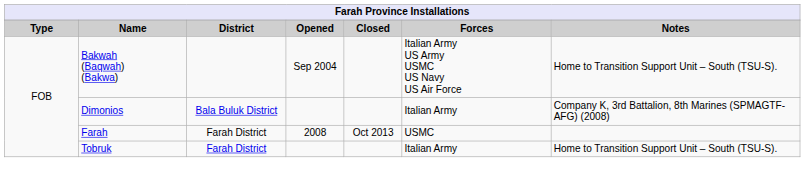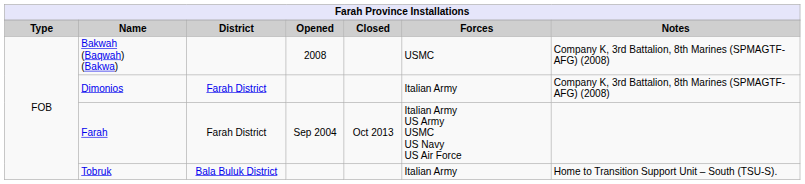 <table class="wikitable sortable" width="100%">
 <tr>
 <th style="align: center; background: lavender" colspan="7"><strong>Farah Province Installations</strong></th>
 </tr>
 <tr style="background:#efefef; color:black">
 </tr>
 <tr>
 <th style="background-color:#cfcfcf;" align="center" width="9%" align="center">Type</th>
 <th style="background-color:#cfcfcf;" align="center" width="13%">Name</th>
 <th style="background-color:#cfcfcf;" align="center" width="12%">District</th>
 <th style="background-color:#cfcfcf;" align="center" width="7%">Opened</th>
 <th style="background-color:#cfcfcf;" align="center" width="7%">Closed</th>
 <th style="background-color:#cfcfcf;" align="center" width="18%" class="unsortable">Forces</th>
 <th style="background-color:#cfcfcf;" align="center" width="30%" class="unsortable">Notes</th>
 </tr>
 <tr>
 <td rowspan="4" align="center">FOB</td>
 <td><a href='#'>Bakwah</a><br>(<a href='#'>Baqwah</a>)<br>(<a href='#'>Bakwa</a>)</td>
 <td align="center"></td>
-<td align="center">Sep 2004</td>
+<td align="center">2008</td>
 <td align="center"></td>
-<td> Italian Army<br> US Army<br> USMC<br> US Navy<br> US Air Force</td>
-<td>Home to Transition Support Unit – South (TSU-S).</td>
+<td> USMC</td>
+<td>Company K, 3rd Battalion, 8th Marines (SPMAGTF-AFG) (2008)</td>
 </tr>
 <tr>
 <td><a href='#'>Dimonios</a></td>
-<td align="center"><a href='#'>Bala Buluk District</a></td>
+<td align="center"><a href='#'>Farah District</a></td>
 <td align="center"></td>
 <td align="center"></td>
 <td> Italian Army</td>
 <td>Company K, 3rd Battalion, 8th Marines (SPMAGTF-AFG) (2008)</td>
 </tr>
 <tr>
 <td><a href='#'>Farah</a></td>
 <td align="center">Farah District</td>
-<td align="center">2008</td>
+<td align="center">Sep 2004</td>
 <td align="center">Oct 2013</td>
-<td> USMC</td>
+<td> Italian Army<br> US Army<br> USMC<br> US Navy<br> US Air Force</td>
 <td></td>
 </tr>
 <tr>
 <td><a href='#'>Tobruk</a></td>
-<td align="center"><a href='#'>Farah District</a></td>
+<td align="center"><a href='#'>Bala Buluk District</a></td>
 <td align="center"></td>
 <td align="center"></td>
 <td> Italian Army</td>
 <td>Home to Transition Support Unit – South (TSU-S).</td>
 </tr>
 </table>
